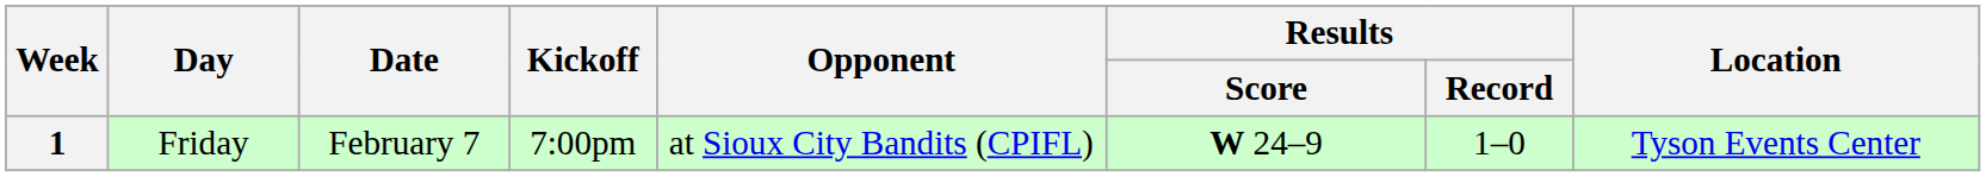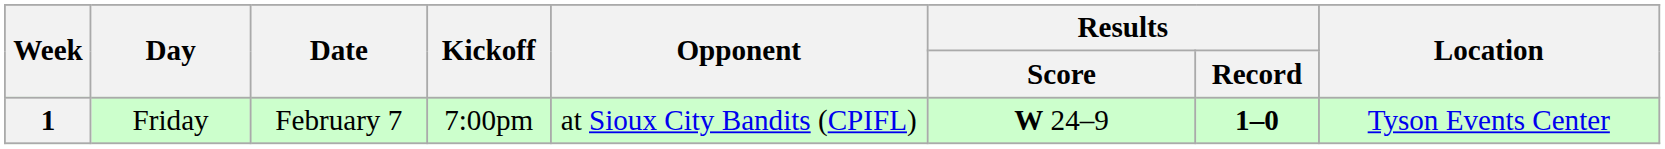 <table class="wikitable">
 <tr>
 <th rowspan="2" width="40">Week</th>
 <th rowspan="2" width="80">Day</th>
 <th rowspan="2" width="90">Date</th>
 <th rowspan="2" width="60">Kickoff</th>
 <th rowspan="2" width="200">Opponent</th>
 <th colspan="2" width="200">Results</th>
 <th rowspan="2" width="180">Location</th>
 </tr>
 <tr>
 <th width="140">Score</th>
 <th width="60">Record</th>
 </tr>
 <tr align="center" bgcolor="#CCFFCC">
 <th>1</th>
 <td>Friday</td>
 <td>February 7</td>
 <td>7:00pm</td>
 <td>at <a href='#'>Sioux City Bandits</a> (<a href='#'>CPIFL</a>)</td>
 <td><strong>W</strong> 24–9</td>
-<td>1–0</td>
+<td><strong>1–0</strong></td>
 <td><a href='#'>Tyson Events Center</a></td>
 </tr>
 </table>
